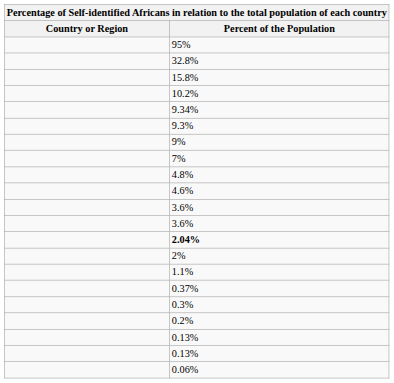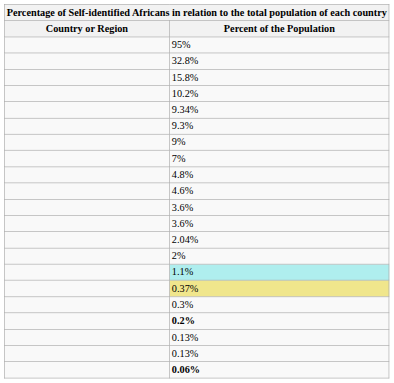 <table class="sortable wikitable">
 <tr>
 <th colspan=5>Percentage of Self-identified Africans in relation to the total population of each country</th>
 </tr>
 <tr>
 <th>Country or Region</th>
 <th>Percent of the Population</th>
 </tr>
 <tr>
 <td></td>
 <td>95%</td>
 </tr>
 <tr>
 <td></td>
 <td>32.8%</td>
 </tr>
 <tr>
 <td></td>
 <td>15.8%</td>
 </tr>
 <tr>
 <td></td>
 <td>10.2%</td>
 </tr>
 <tr>
 <td></td>
 <td>9.34%</td>
 </tr>
 <tr>
 <td></td>
 <td>9.3%</td>
 </tr>
 <tr>
 <td></td>
 <td>9%</td>
 </tr>
 <tr>
 <td></td>
 <td>7%</td>
 </tr>
 <tr>
 <td></td>
 <td>4.8%</td>
 </tr>
 <tr>
 <td></td>
 <td>4.6%</td>
 </tr>
 <tr>
 <td></td>
 <td>3.6%</td>
 </tr>
 <tr>
 <td></td>
 <td>3.6%</td>
 </tr>
 <tr>
 <td></td>
-<td><strong>2.04%</strong></td>
+<td>2.04%</td>
 </tr>
 <tr>
 <td></td>
 <td>2%</td>
 </tr>
 <tr>
 <td></td>
-<td>1.1%</td>
+<td style="background: paleturquoise;">1.1%</td>
 </tr>
 <tr>
 <td></td>
-<td>0.37%</td>
+<td style="background: khaki;">0.37%</td>
 </tr>
 <tr>
 <td></td>
 <td>0.3%</td>
 </tr>
 <tr>
 <td></td>
-<td>0.2%</td>
+<td><strong>0.2%</strong></td>
 </tr>
 <tr>
 <td></td>
 <td>0.13%</td>
 </tr>
 <tr>
 <td></td>
 <td>0.13%</td>
 </tr>
 <tr>
 <td></td>
-<td>0.06%</td>
+<td><strong>0.06%</strong></td>
 </tr>
 </table>
